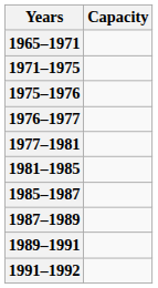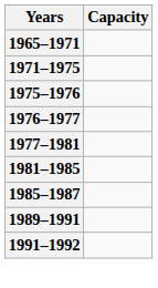 <table class="wikitable">
 <tr>
 <th>Years</th>
 <th>Capacity</th>
 </tr>
 <tr>
 <th>1965–1971</th>
 <td></td>
 </tr>
 <tr>
 <th>1971–1975</th>
 <td></td>
 </tr>
 <tr>
 <th>1975–1976</th>
 <td></td>
 </tr>
 <tr>
 <th>1976–1977</th>
 <td></td>
 </tr>
 <tr>
 <th>1977–1981</th>
 <td></td>
 </tr>
 <tr>
 <th>1981–1985</th>
 <td></td>
 </tr>
 <tr>
 <th>1985–1987</th>
 <td></td>
 </tr>
 <tr>
-<th>1987–1989</th>
-<td></td>
-</tr>
-<tr>
 <th>1989–1991</th>
 <td></td>
 </tr>
 <tr>
 <th>1991–1992</th>
 <td></td>
 </tr>
 </table>
